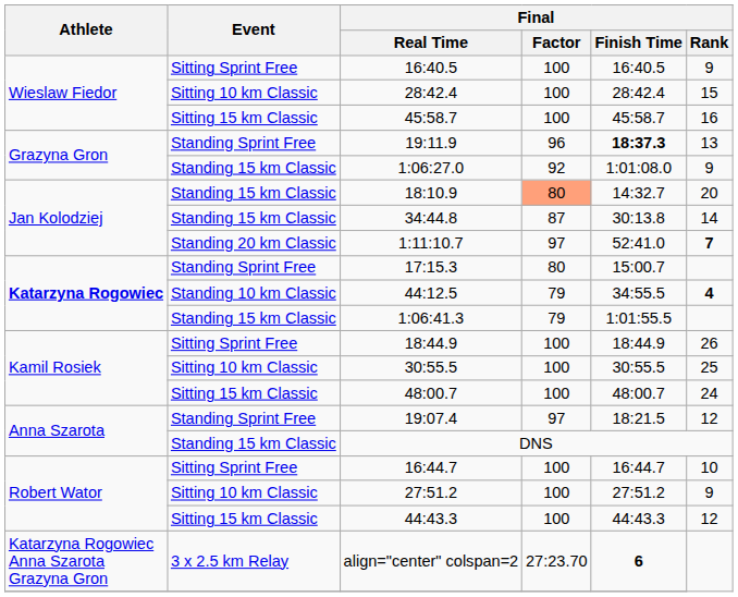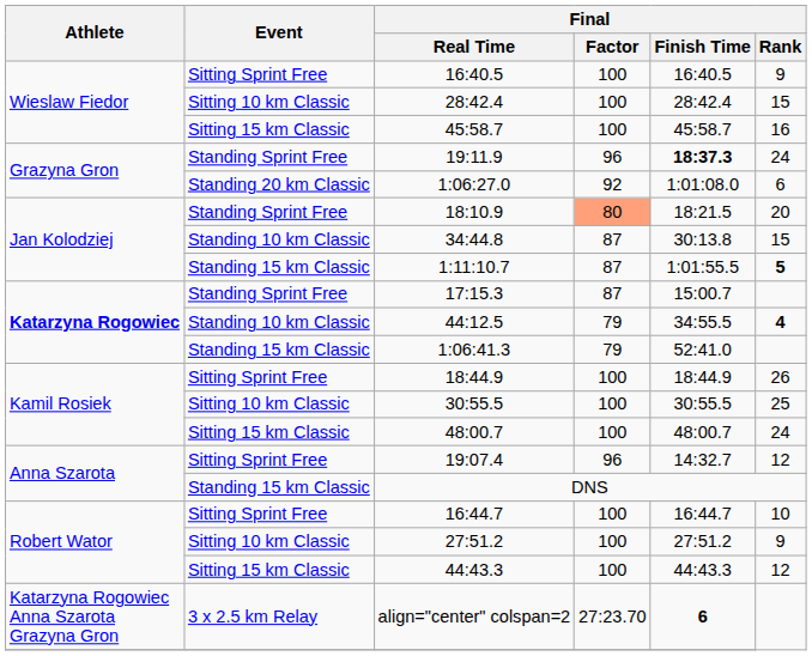 <table class="wikitable" style="font-size:90%">
 <tr>
 <th rowspan="2">Athlete</th>
 <th rowspan="2">Event</th>
 <th colspan="4">Final</th>
 </tr>
 <tr>
 <th>Real Time</th>
 <th>Factor</th>
 <th>Finish Time</th>
 <th>Rank</th>
 </tr>
 <tr>
 <td rowspan=3><a href='#'>Wieslaw Fiedor</a></td>
 <td rowspan=1><a href='#'>Sitting Sprint Free</a></td>
 <td align="center">16:40.5</td>
 <td align="center">100</td>
 <td align="center">16:40.5</td>
 <td align="center">9</td>
 </tr>
 <tr>
 <td rowspan=1><a href='#'>Sitting 10 km Classic</a></td>
 <td align="center">28:42.4</td>
 <td align="center">100</td>
 <td align="center">28:42.4</td>
 <td align="center">15</td>
 </tr>
 <tr>
 <td rowspan=1><a href='#'>Sitting 15 km Classic</a></td>
 <td align="center">45:58.7</td>
 <td align="center">100</td>
 <td align="center">45:58.7</td>
 <td align="center">16</td>
 </tr>
 <tr>
 <td rowspan=2><a href='#'>Grazyna Gron</a></td>
 <td rowspan=1><a href='#'>Standing Sprint Free</a></td>
 <td align="center">19:11.9</td>
 <td align="center">96</td>
 <td align="center"><strong>18:37.3</strong></td>
-<td align="center">13</td>
+<td align="center">24</td>
+</tr>
+<tr>
+<td rowspan=1><a href='#'>Standing 20 km Classic</a></td>
+<td align="center">1:06:27.0</td>
+<td align="center">92</td>
+<td align="center">1:01:08.0</td>
+<td align="center">6</td>
+</tr>
+<tr>
+<td rowspan=3><a href='#'>Jan Kolodziej</a></td>
+<td rowspan=1><a href='#'>Standing Sprint Free</a></td>
+<td align="center">18:10.9</td>
+<td align="center" style="background: lightsalmon;">80</td>
+<td align="center">18:21.5</td>
+<td align="center">20</td>
+</tr>
+<tr>
+<td rowspan=1><a href='#'>Standing 10 km Classic</a></td>
+<td align="center">34:44.8</td>
+<td align="center">87</td>
+<td align="center">30:13.8</td>
+<td align="center">15</td>
 </tr>
 <tr>
 <td rowspan=1><a href='#'>Standing 15 km Classic</a></td>
-<td align="center">1:06:27.0</td>
-<td align="center">92</td>
-<td align="center">1:01:08.0</td>
-<td align="center">9</td>
-</tr>
-<tr>
-<td rowspan=3><a href='#'>Jan Kolodziej</a></td>
-<td rowspan=1><a href='#'>Standing 15 km Classic</a></td>
-<td align="center">18:10.9</td>
-<td align="center" style="background: lightsalmon;">80</td>
-<td align="center">14:32.7</td>
-<td align="center">20</td>
-</tr>
-<tr>
-<td rowspan=1><a href='#'>Standing 15 km Classic</a></td>
-<td align="center">34:44.8</td>
+<td align="center">1:11:10.7</td>
 <td align="center">87</td>
-<td align="center">30:13.8</td>
-<td align="center">14</td>
-</tr>
-<tr>
-<td rowspan=1><a href='#'>Standing 20 km Classic</a></td>
-<td align="center">1:11:10.7</td>
-<td align="center">97</td>
-<td align="center">52:41.0</td>
-<td align="center"><strong>7</strong></td>
+<td align="center">1:01:55.5</td>
+<td align="center"><strong>5</strong></td>
 </tr>
 <tr>
 <td rowspan=3><strong><a href='#'>Katarzyna Rogowiec</a></strong></td>
 <td rowspan=1><a href='#'>Standing Sprint Free</a></td>
 <td align="center">17:15.3</td>
-<td align="center">80</td>
+<td align="center">87</td>
 <td align="center">15:00.7</td>
 <td align="center"></td>
 </tr>
 <tr>
 <td rowspan=1><a href='#'>Standing 10 km Classic</a></td>
 <td align="center">44:12.5</td>
 <td align="center">79</td>
 <td align="center">34:55.5</td>
 <td align="center"><strong>4</strong></td>
 </tr>
 <tr>
 <td rowspan=1><a href='#'>Standing 15 km Classic</a></td>
 <td align="center">1:06:41.3</td>
 <td align="center">79</td>
-<td align="center">1:01:55.5</td>
+<td align="center">52:41.0</td>
 <td align="center"></td>
 </tr>
 <tr>
 <td rowspan=3><a href='#'>Kamil Rosiek</a></td>
 <td rowspan=1><a href='#'>Sitting Sprint Free</a></td>
 <td align="center">18:44.9</td>
 <td align="center">100</td>
 <td align="center">18:44.9</td>
 <td align="center">26</td>
 </tr>
 <tr>
 <td rowspan=1><a href='#'>Sitting 10 km Classic</a></td>
 <td align="center">30:55.5</td>
 <td align="center">100</td>
 <td align="center">30:55.5</td>
 <td align="center">25</td>
 </tr>
 <tr>
 <td rowspan=1><a href='#'>Sitting 15 km Classic</a></td>
 <td align="center">48:00.7</td>
 <td align="center">100</td>
 <td align="center">48:00.7</td>
 <td align="center">24</td>
 </tr>
 <tr>
 <td rowspan=2><a href='#'>Anna Szarota</a></td>
-<td rowspan=1><a href='#'>Standing Sprint Free</a></td>
+<td rowspan=1><a href='#'>Sitting Sprint Free</a></td>
 <td align="center">19:07.4</td>
-<td align="center">97</td>
-<td align="center">18:21.5</td>
+<td align="center">96</td>
+<td align="center">14:32.7</td>
 <td align="center">12</td>
 </tr>
 <tr>
 <td rowspan=1><a href='#'>Standing 15 km Classic</a></td>
 <td align="center" colspan=4>DNS</td>
 </tr>
 <tr>
 <td rowspan=3><a href='#'>Robert Wator</a></td>
 <td rowspan=1><a href='#'>Sitting Sprint Free</a></td>
 <td align="center">16:44.7</td>
 <td align="center">100</td>
 <td align="center">16:44.7</td>
 <td align="center">10</td>
 </tr>
 <tr>
 <td rowspan=1><a href='#'>Sitting 10 km Classic</a></td>
 <td align="center">27:51.2</td>
 <td align="center">100</td>
 <td align="center">27:51.2</td>
 <td align="center">9</td>
 </tr>
 <tr>
 <td rowspan=1><a href='#'>Sitting 15 km Classic</a></td>
 <td align="center">44:43.3</td>
 <td align="center">100</td>
 <td align="center">44:43.3</td>
 <td align="center">12</td>
 </tr>
 <tr>
 <td rowspan=1><a href='#'>Katarzyna Rogowiec</a><br><a href='#'>Anna Szarota</a><br><a href='#'>Grazyna Gron</a></td>
 <td rowspan=1><a href='#'>3 x 2.5 km Relay</a></td>
 <td>align="center" colspan=2 </td>
 <td align="center">27:23.70</td>
 <td align="center"><strong>6</strong></td>
 </tr>
 <tr>
 </tr>
 </table>
